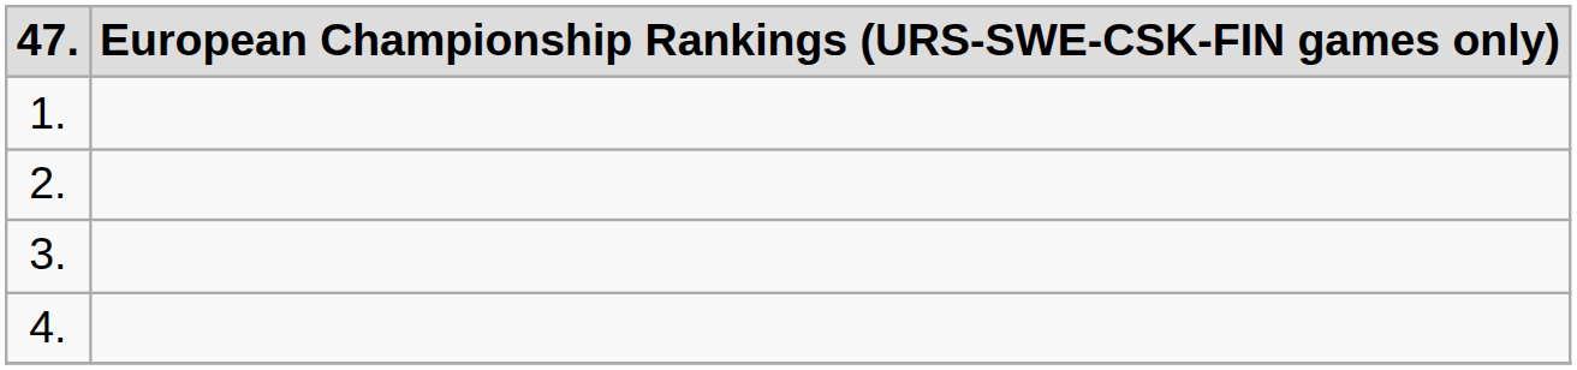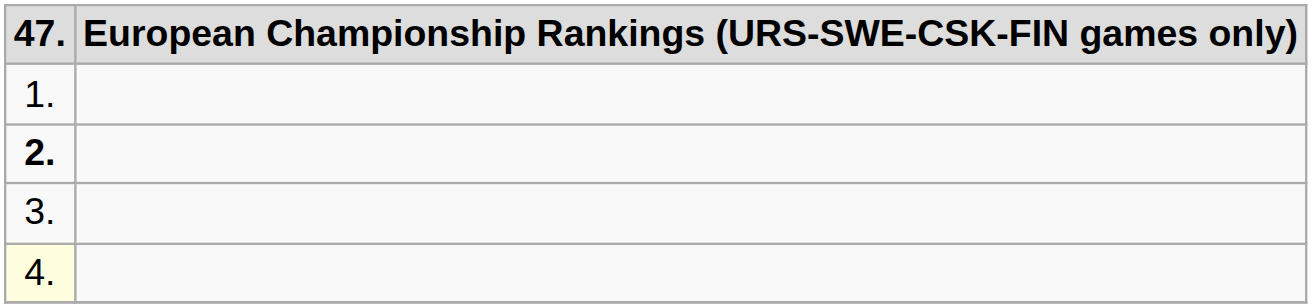 <table class="wikitable">
 <tr bgcolor="#dddddd">
 <td><strong>47.</strong></td>
 <td><strong>European Championship Rankings (URS-SWE-CSK-FIN games only)</strong></td>
 </tr>
 <tr align=center>
 <td>1.</td>
 <td align=left></td>
 </tr>
 <tr align=center>
-<td>2.</td>
+<td><strong>2.</strong></td>
 <td align=left></td>
 </tr>
 <tr align=center>
 <td>3.</td>
 <td align=left></td>
 </tr>
 <tr align=center>
-<td>4.</td>
+<td style="background: lightyellow;">4.</td>
 <td align=left></td>
 </tr>
 <tr>
 </tr>
 </table>
